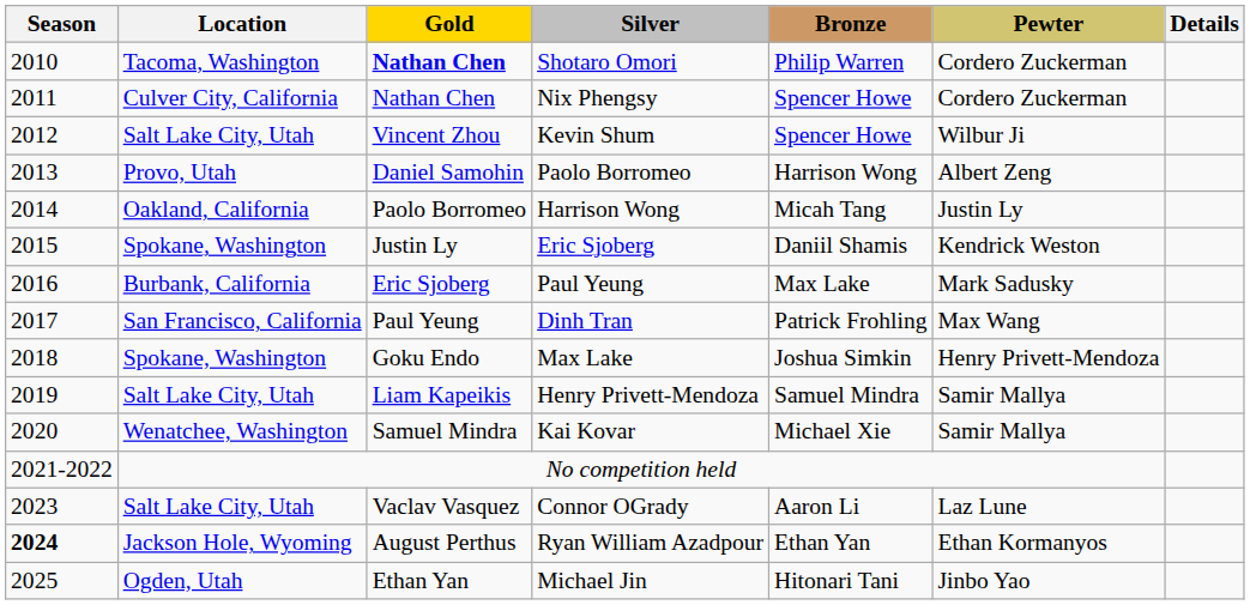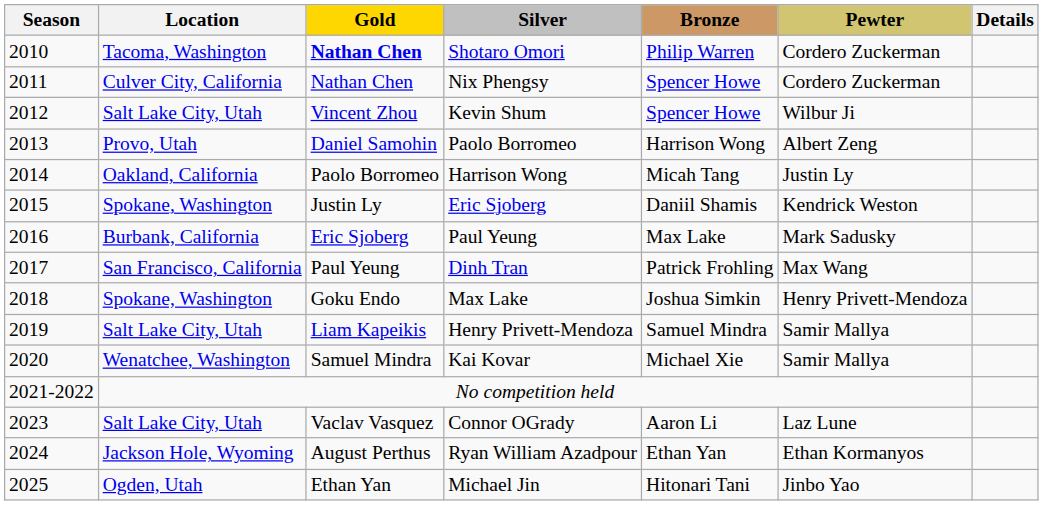 <table class="wikitable">
 <tr>
 <th>Season</th>
 <th>Location</th>
 <td align=center bgcolor=gold><strong>Gold</strong></td>
 <td align=center bgcolor=silver><strong>Silver</strong></td>
 <td align=center bgcolor=cc9966><strong>Bronze</strong></td>
 <td align=center bgcolor=d1c571><strong>Pewter</strong></td>
 <th>Details</th>
 </tr>
 <tr>
 <td>2010</td>
 <td><a href='#'>Tacoma, Washington</a></td>
 <td><strong><a href='#'>Nathan Chen</a></strong></td>
 <td><a href='#'>Shotaro Omori</a></td>
 <td><a href='#'>Philip Warren</a></td>
 <td>Cordero Zuckerman</td>
 <td></td>
 </tr>
 <tr>
 <td>2011</td>
 <td><a href='#'>Culver City, California</a></td>
 <td><a href='#'>Nathan Chen</a></td>
 <td>Nix Phengsy</td>
 <td><a href='#'>Spencer Howe</a></td>
 <td>Cordero Zuckerman</td>
 <td></td>
 </tr>
 <tr>
 <td>2012</td>
 <td><a href='#'>Salt Lake City, Utah</a></td>
 <td><a href='#'>Vincent Zhou</a></td>
 <td>Kevin Shum</td>
 <td><a href='#'>Spencer Howe</a></td>
 <td>Wilbur Ji</td>
 <td></td>
 </tr>
 <tr>
 <td>2013</td>
 <td><a href='#'>Provo, Utah</a></td>
 <td><a href='#'>Daniel Samohin</a></td>
 <td>Paolo Borromeo</td>
 <td>Harrison Wong</td>
 <td>Albert Zeng</td>
 <td></td>
 </tr>
 <tr>
 <td>2014</td>
 <td><a href='#'>Oakland, California</a></td>
 <td>Paolo Borromeo</td>
 <td>Harrison Wong</td>
 <td>Micah Tang</td>
 <td>Justin Ly</td>
 <td></td>
 </tr>
 <tr>
 <td>2015</td>
 <td><a href='#'>Spokane, Washington</a></td>
 <td>Justin Ly</td>
 <td><a href='#'>Eric Sjoberg</a></td>
 <td>Daniil Shamis</td>
 <td>Kendrick Weston</td>
 <td></td>
 </tr>
 <tr>
 <td>2016</td>
 <td><a href='#'>Burbank, California</a></td>
 <td><a href='#'>Eric Sjoberg</a></td>
 <td>Paul Yeung</td>
 <td>Max Lake</td>
 <td>Mark Sadusky</td>
 <td></td>
 </tr>
 <tr>
 <td>2017</td>
 <td><a href='#'>San Francisco, California</a></td>
 <td>Paul Yeung</td>
 <td><a href='#'>Dinh Tran</a></td>
 <td>Patrick Frohling</td>
 <td>Max Wang</td>
 <td></td>
 </tr>
 <tr>
 <td>2018</td>
 <td><a href='#'>Spokane, Washington</a></td>
 <td>Goku Endo</td>
 <td>Max Lake</td>
 <td>Joshua Simkin</td>
 <td>Henry Privett-Mendoza</td>
 <td></td>
 </tr>
 <tr>
 <td>2019</td>
 <td><a href='#'>Salt Lake City, Utah</a></td>
 <td><a href='#'>Liam Kapeikis</a></td>
 <td>Henry Privett-Mendoza</td>
 <td>Samuel Mindra</td>
 <td>Samir Mallya</td>
 <td></td>
 </tr>
 <tr>
 <td>2020</td>
 <td><a href='#'>Wenatchee, Washington</a></td>
 <td>Samuel Mindra</td>
 <td>Kai Kovar</td>
 <td>Michael Xie</td>
 <td>Samir Mallya</td>
 <td></td>
 </tr>
 <tr>
 <td>2021-2022</td>
 <td colspan="5" align="center"><em>No competition held</em></td>
 <td></td>
 </tr>
 <tr>
 <td>2023</td>
 <td><a href='#'>Salt Lake City, Utah</a></td>
 <td>Vaclav Vasquez</td>
 <td>Connor OGrady</td>
 <td>Aaron Li</td>
 <td>Laz Lune</td>
 <td></td>
 </tr>
 <tr>
-<td><strong>2024</strong></td>
+<td>2024</td>
 <td><a href='#'>Jackson Hole, Wyoming</a></td>
 <td>August Perthus</td>
 <td>Ryan William Azadpour</td>
 <td>Ethan Yan</td>
 <td>Ethan Kormanyos</td>
 <td></td>
 </tr>
 <tr>
 <td>2025</td>
 <td><a href='#'>Ogden, Utah</a></td>
 <td>Ethan Yan</td>
 <td>Michael Jin</td>
 <td>Hitonari Tani</td>
 <td>Jinbo Yao</td>
 <td></td>
 </tr>
 </table>
